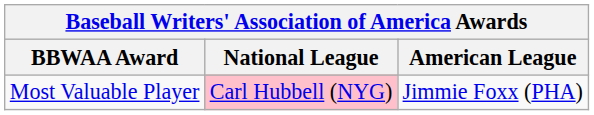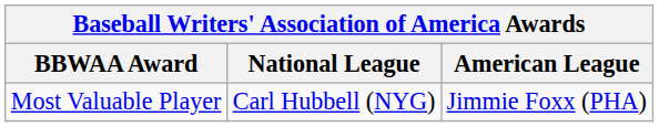 <table class="wikitable">
 <tr>
 <th colspan="3"><a href='#'>Baseball Writers' Association of America</a> Awards</th>
 </tr>
 <tr>
 <th>BBWAA Award</th>
 <th>National League</th>
 <th>American League</th>
 </tr>
 <tr>
 <td><a href='#'>Most Valuable Player</a></td>
-<td style="background: pink;"><a href='#'>Carl Hubbell</a> (<a href='#'>NYG</a>)</td>
+<td><a href='#'>Carl Hubbell</a> (<a href='#'>NYG</a>)</td>
 <td><a href='#'>Jimmie Foxx</a> (<a href='#'>PHA</a>)</td>
 </tr>
 </table>
